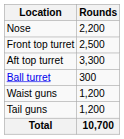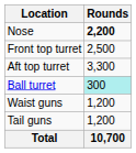 <table class=wikitable>
 <tr>
 <th>Location</th>
 <th>Rounds</th>
 </tr>
 <tr>
 <td>Nose</td>
-<td>2,200</td>
+<td><strong>2,200</strong></td>
 </tr>
 <tr>
 <td>Front top turret</td>
 <td>2,500</td>
 </tr>
 <tr>
 <td>Aft top turret</td>
 <td>3,300</td>
 </tr>
 <tr>
 <td><a href='#'>Ball turret</a></td>
-<td>300</td>
+<td style="background: paleturquoise;">300</td>
 </tr>
 <tr>
 <td>Waist guns</td>
 <td>1,200</td>
 </tr>
 <tr>
 <td>Tail guns</td>
 <td>1,200</td>
 </tr>
 <tr>
 <th>Total</th>
 <th>10,700</th>
 </tr>
 </table>
